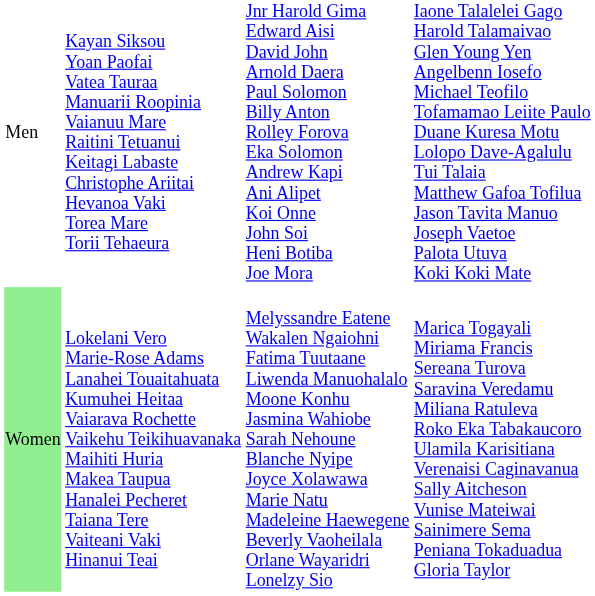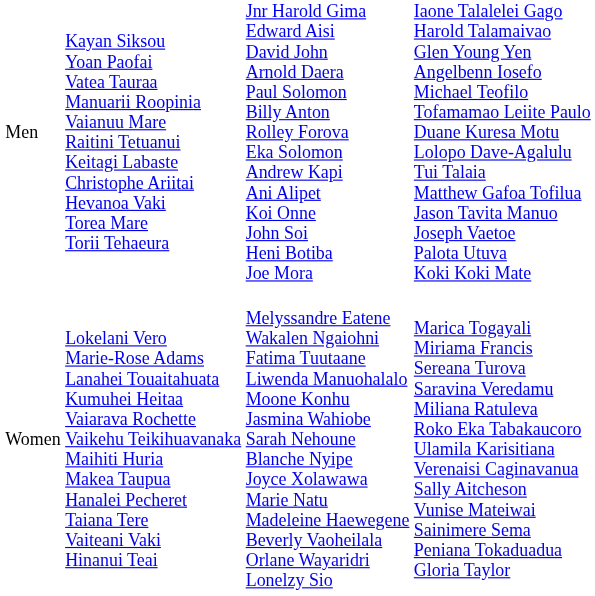 <table>
 <tr>
 <td>Men<br></td>
 <td><br><a href='#'>Kayan Siksou</a><br><a href='#'>Yoan Paofai</a><br><a href='#'>Vatea Tauraa</a><br><a href='#'>Manuarii Roopinia</a><br><a href='#'>Vaianuu Mare</a><br><a href='#'>Raitini Tetuanui</a><br><a href='#'>Keitagi Labaste</a><br><a href='#'>Christophe Ariitai</a><br><a href='#'>Hevanoa Vaki</a><br><a href='#'>Torea Mare</a><br><a href='#'>Torii Tehaeura</a></td>
 <td><br><a href='#'>Jnr Harold Gima</a><br><a href='#'>Edward Aisi</a><br><a href='#'>David John</a><br><a href='#'>Arnold Daera</a><br><a href='#'>Paul Solomon</a><br><a href='#'>Billy Anton</a><br><a href='#'>Rolley Forova</a><br><a href='#'>Eka Solomon</a><br><a href='#'>Andrew Kapi</a><br><a href='#'>Ani Alipet</a><br><a href='#'>Koi Onne</a><br><a href='#'>John Soi</a><br><a href='#'>Heni Botiba</a><br><a href='#'>Joe Mora</a></td>
 <td><br><a href='#'>Iaone Talalelei Gago</a><br><a href='#'>Harold Talamaivao</a><br><a href='#'>Glen Young Yen</a><br><a href='#'>Angelbenn Iosefo</a><br><a href='#'>Michael Teofilo</a><br><a href='#'>Tofamamao Leiite Paulo</a><br><a href='#'>Duane Kuresa Motu</a><br><a href='#'>Lolopo Dave-Agalulu</a><br><a href='#'>Tui Talaia</a><br><a href='#'>Matthew Gafoa Tofilua</a><br><a href='#'>Jason Tavita Manuo</a><br><a href='#'>Joseph Vaetoe</a><br><a href='#'>Palota Utuva</a><br><a href='#'>Koki Koki Mate</a></td>
 </tr>
 <tr>
-<td style="background: lightgreen;">Women<br></td>
+<td>Women<br></td>
 <td><br><a href='#'>Lokelani Vero</a><br><a href='#'>Marie-Rose Adams</a><br><a href='#'>Lanahei Touaitahuata</a><br><a href='#'>Kumuhei Heitaa</a><br><a href='#'>Vaiarava Rochette</a><br><a href='#'>Vaikehu Teikihuavanaka</a><br><a href='#'>Maihiti Huria</a><br><a href='#'>Makea Taupua</a><br><a href='#'>Hanalei Pecheret</a><br><a href='#'>Taiana Tere</a><br><a href='#'>Vaiteani Vaki</a><br><a href='#'>Hinanui Teai</a></td>
 <td><br><a href='#'>Melyssandre Eatene</a><br><a href='#'>Wakalen Ngaiohni</a><br><a href='#'>Fatima Tuutaane</a><br><a href='#'>Liwenda Manuohalalo</a><br><a href='#'>Moone Konhu</a><br><a href='#'>Jasmina Wahiobe</a><br><a href='#'>Sarah Nehoune</a><br><a href='#'>Blanche Nyipe</a><br><a href='#'>Joyce Xolawawa</a><br><a href='#'>Marie Natu</a><br><a href='#'>Madeleine Haewegene</a><br><a href='#'>Beverly Vaoheilala</a><br><a href='#'>Orlane Wayaridri</a><br><a href='#'>Lonelzy Sio</a></td>
 <td><br><a href='#'>Marica Togayali</a><br><a href='#'>Miriama Francis</a><br><a href='#'>Sereana Turova</a><br><a href='#'>Saravina Veredamu</a><br><a href='#'>Miliana Ratuleva</a><br><a href='#'>Roko Eka Tabakaucoro</a><br><a href='#'>Ulamila Karisitiana</a><br><a href='#'>Verenaisi Caginavanua</a><br><a href='#'>Sally Aitcheson</a><br><a href='#'>Vunise Mateiwai</a><br><a href='#'>Sainimere Sema</a><br><a href='#'>Peniana Tokaduadua</a><br><a href='#'>Gloria Taylor</a></td>
 </tr>
 </table>
